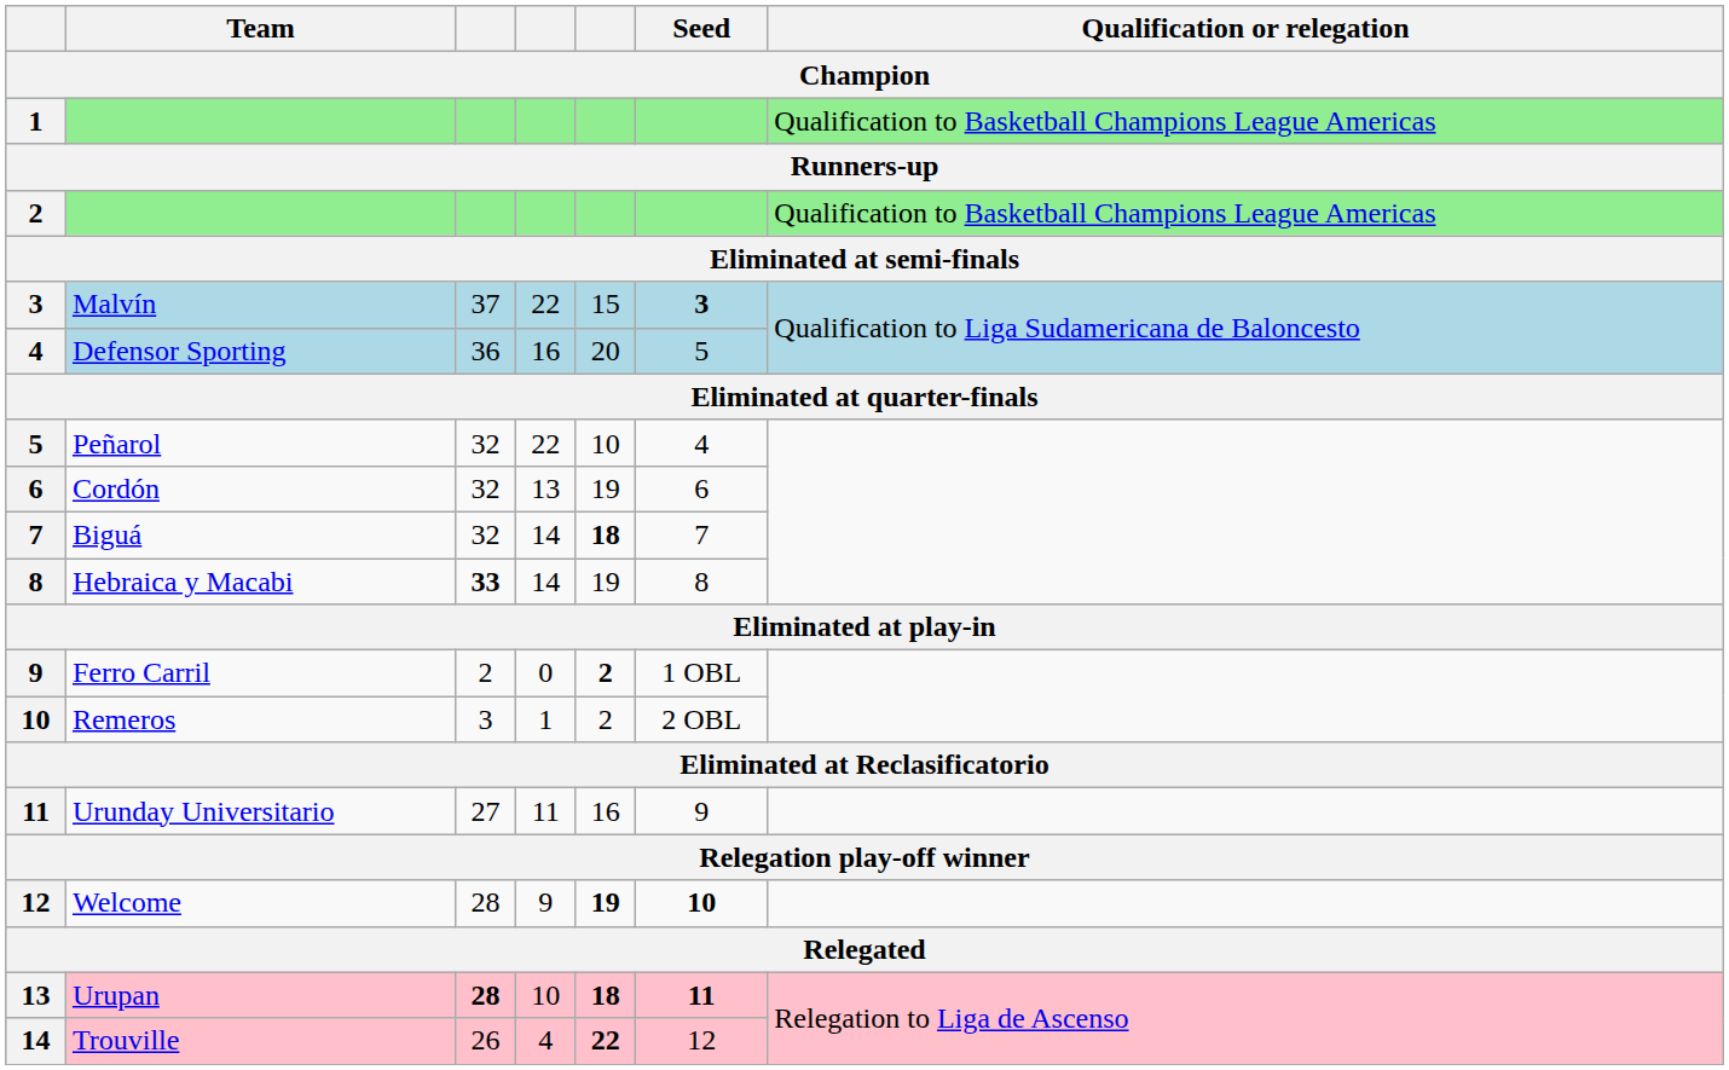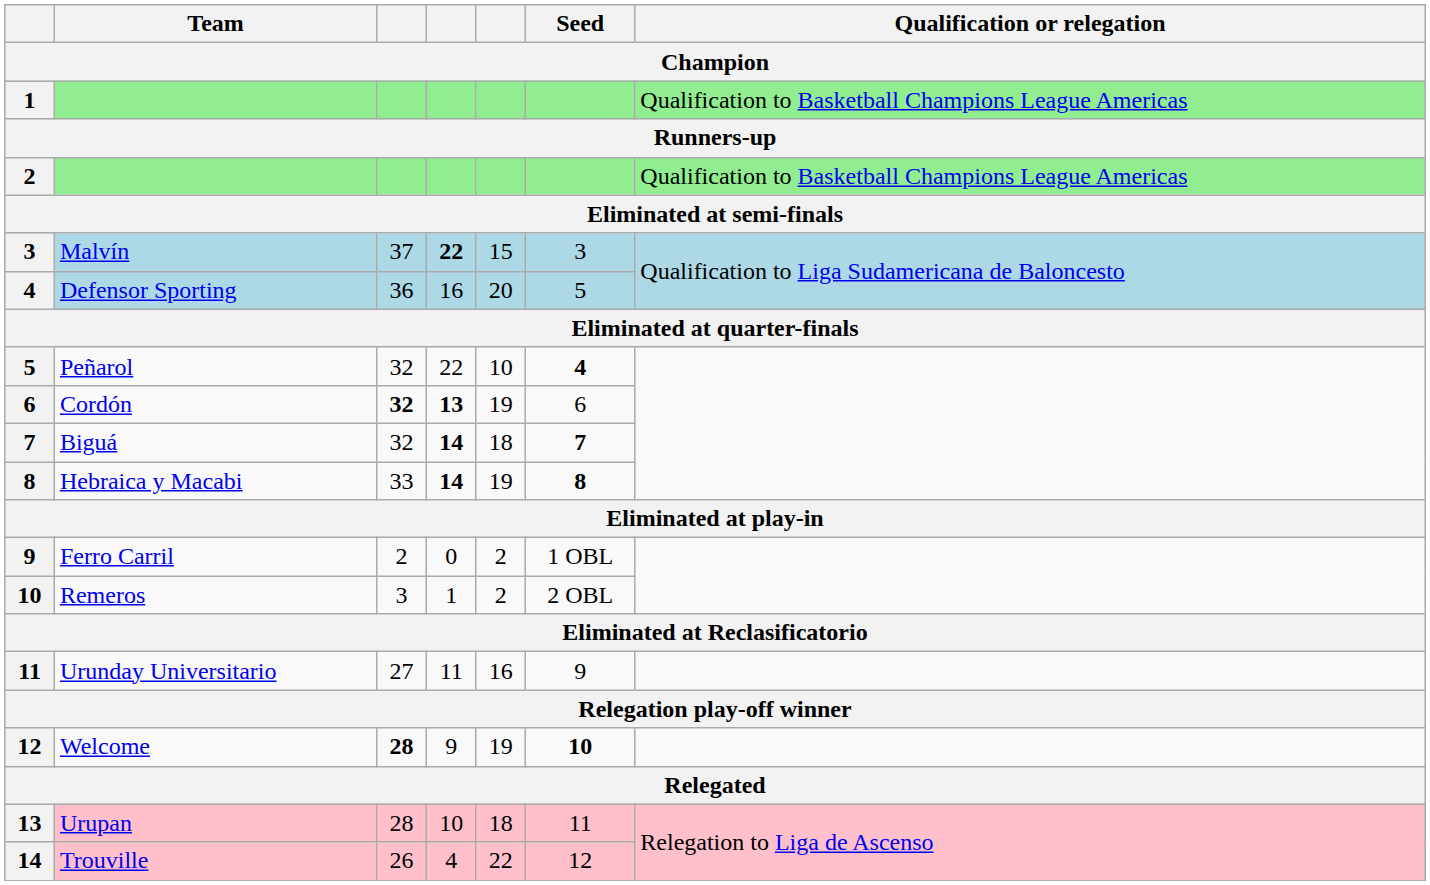 <table class="wikitable" width=75% style= align:center">
 <tr>
 <th></th>
 <th width:45%>Team</th>
 <th></th>
 <th></th>
 <th></th>
 <th>Seed</th>
 <th>Qualification or relegation</th>
 </tr>
 <tr>
 <th colspan="7">Champion</th>
 </tr>
 <tr bgcolor="lightgreen">
 <th>1</th>
 <td></td>
 <td align="center"></td>
 <td align="center"></td>
 <td align="center"></td>
 <td align="center"></td>
 <td>Qualification to <a href='#'>Basketball Champions League Americas</a></td>
 </tr>
 <tr>
 <th colspan="7">Runners-up</th>
 </tr>
 <tr bgcolor="lightgreen">
 <th>2</th>
 <td></td>
 <td align="center"></td>
 <td align="center"></td>
 <td align="center"></td>
 <td align="center"></td>
 <td>Qualification to <a href='#'>Basketball Champions League Americas</a></td>
 </tr>
 <tr>
 <th colspan="7">Eliminated at semi-finals</th>
 </tr>
 <tr bgcolor="lightblue">
 <th>3</th>
 <td><a href='#'>Malvín</a></td>
 <td align="center">37</td>
-<td align="center">22</td>
+<td align="center"><strong>22</strong></td>
 <td align="center">15</td>
-<td align="center"><strong>3</strong></td>
+<td align="center">3</td>
 <td rowspan="2">Qualification to <a href='#'>Liga Sudamericana de Baloncesto</a></td>
 </tr>
 <tr bgcolor="lightblue">
 <th>4</th>
 <td><a href='#'>Defensor Sporting</a></td>
 <td align="center">36</td>
 <td align="center">16</td>
 <td align="center">20</td>
 <td align="center">5</td>
 </tr>
 <tr>
 <th colspan="7">Eliminated at quarter-finals</th>
 </tr>
 <tr>
 <th>5</th>
 <td><a href='#'>Peñarol</a></td>
 <td align="center">32</td>
 <td align="center">22</td>
 <td align="center">10</td>
-<td align="center">4</td>
+<td align="center"><strong>4</strong></td>
 <td rowspan="4"></td>
 </tr>
 <tr>
 <th>6</th>
 <td><a href='#'>Cordón</a></td>
-<td align="center">32</td>
-<td align="center">13</td>
+<td align="center"><strong>32</strong></td>
+<td align="center"><strong>13</strong></td>
 <td align="center">19</td>
 <td align="center">6</td>
 </tr>
 <tr>
 <th>7</th>
 <td><a href='#'>Biguá</a></td>
 <td align="center">32</td>
-<td align="center">14</td>
-<td align="center"><strong>18</strong></td>
-<td align="center">7</td>
+<td align="center"><strong>14</strong></td>
+<td align="center">18</td>
+<td align="center"><strong>7</strong></td>
 </tr>
 <tr>
 <th>8</th>
 <td><a href='#'>Hebraica y Macabi</a></td>
-<td align="center"><strong>33</strong></td>
-<td align="center">14</td>
+<td align="center">33</td>
+<td align="center"><strong>14</strong></td>
 <td align="center">19</td>
-<td align="center">8</td>
+<td align="center"><strong>8</strong></td>
 </tr>
 <tr>
 <th colspan="7">Eliminated at play-in</th>
 </tr>
 <tr>
 <th>9</th>
 <td><a href='#'>Ferro Carril</a></td>
 <td align="center">2</td>
 <td align="center">0</td>
-<td align="center"><strong>2</strong></td>
+<td align="center">2</td>
 <td align="center">1 OBL</td>
 <td rowspan="2"></td>
 </tr>
 <tr>
 <th>10</th>
 <td><a href='#'>Remeros</a></td>
 <td align="center">3</td>
 <td align="center">1</td>
 <td align="center">2</td>
 <td align="center">2 OBL</td>
 </tr>
 <tr>
 <th colspan="7">Eliminated at Reclasificatorio</th>
 </tr>
 <tr>
 <th>11</th>
 <td><a href='#'>Urunday Universitario</a></td>
 <td align="center">27</td>
 <td align="center">11</td>
 <td align="center">16</td>
 <td align="center">9</td>
 <td></td>
 </tr>
 <tr>
 <th colspan="7">Relegation play-off winner</th>
 </tr>
 <tr>
 <th>12</th>
 <td><a href='#'>Welcome</a></td>
-<td align="center">28</td>
+<td align="center"><strong>28</strong></td>
 <td align="center">9</td>
-<td align="center"><strong>19</strong></td>
+<td align="center">19</td>
 <td align="center"><strong>10</strong></td>
 </tr>
 <tr>
 <th colspan="7">Relegated</th>
 </tr>
 <tr bgcolor="pink">
 <th>13</th>
 <td><a href='#'>Urupan</a></td>
-<td align="center"><strong>28</strong></td>
+<td align="center">28</td>
 <td align="center">10</td>
-<td align="center"><strong>18</strong></td>
-<td align="center"><strong>11</strong></td>
+<td align="center">18</td>
+<td align="center">11</td>
 <td rowspan="2">Relegation to <a href='#'>Liga de Ascenso</a></td>
 </tr>
 <tr bgcolor="pink">
 <th>14</th>
 <td><a href='#'>Trouville</a></td>
 <td align="center">26</td>
 <td align="center">4</td>
-<td align="center"><strong>22</strong></td>
+<td align="center">22</td>
 <td align="center">12</td>
 </tr>
 </table>
